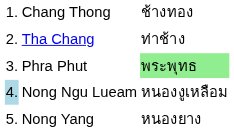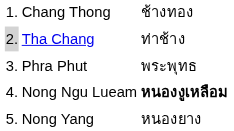 <table>
 <tr>
 <td>1.</td>
 <td>Chang Thong</td>
 <td>ช้างทอง</td>
 <td></td>
 </tr>
 <tr>
-<td>2.</td>
+<td style="background: lightgrey;">2.</td>
 <td><a href='#'>Tha Chang</a></td>
 <td>ท่าช้าง</td>
 <td></td>
 </tr>
 <tr>
 <td>3.</td>
 <td>Phra Phut</td>
-<td style="background: lightgreen;">พระพุทธ</td>
+<td>พระพุทธ</td>
 <td></td>
 </tr>
 <tr>
-<td style="background: lightblue;">4.</td>
+<td>4.</td>
 <td>Nong Ngu Lueam</td>
-<td>หนองงูเหลือม</td>
+<td><strong>หนองงูเหลือม</strong></td>
 <td></td>
 </tr>
 <tr>
 <td>5.</td>
 <td>Nong Yang</td>
 <td>หนองยาง</td>
 <td></td>
 </tr>
 </table>
